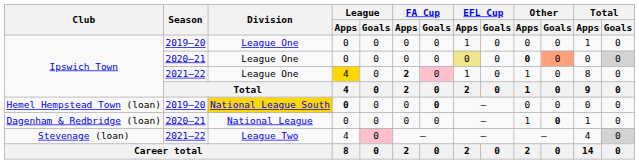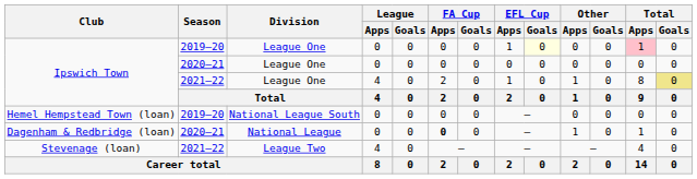 <table class="wikitable" style="text-align: center;">
 <tr>
 <th rowspan="2">Club</th>
 <th rowspan="2">Season</th>
 <th rowspan="2">Division</th>
 <th colspan="2">League</th>
 <th colspan="2"><a href='#'>FA Cup</a></th>
 <th colspan="2"><a href='#'>EFL Cup</a></th>
 <th colspan="2">Other</th>
 <th colspan="2">Total</th>
 </tr>
 <tr>
 <th>Apps</th>
 <th>Goals</th>
 <th>Apps</th>
 <th>Goals</th>
 <th>Apps</th>
 <th>Goals</th>
 <th>Apps</th>
 <th>Goals</th>
 <th>Apps</th>
 <th>Goals</th>
 </tr>
 <tr>
 <td rowspan="4"><a href='#'>Ipswich Town</a></td>
 <td><a href='#'>2019–20</a></td>
 <td><a href='#'>League One</a></td>
 <td>0</td>
 <td>0</td>
 <td>0</td>
 <td>0</td>
 <td>1</td>
+<td style="background: lightyellow;">0</td>
 <td>0</td>
 <td>0</td>
-<td>0</td>
-<td>1</td>
+<td style="background: pink;">1</td>
 <td>0</td>
 </tr>
 <tr>
 <td><a href='#'>2020–21</a></td>
 <td>League One</td>
 <td>0</td>
 <td>0</td>
 <td>0</td>
 <td>0</td>
-<td style="background: khaki;">0</td>
 <td>0</td>
-<td><strong>0</strong></td>
-<td style="background: lightsalmon;">0</td>
 <td>0</td>
-<td style="background: lightgrey;">0</td>
+<td>0</td>
+<td>0</td>
+<td>0</td>
+<td>0</td>
 </tr>
 <tr>
 <td><a href='#'>2021–22</a></td>
 <td>League One</td>
-<td style="background: gold;">4</td>
+<td>4</td>
 <td>0</td>
-<td><strong>2</strong></td>
-<td style="background: pink;">0</td>
+<td>2</td>
+<td>0</td>
 <td>1</td>
 <td>0</td>
 <td>1</td>
 <td>0</td>
 <td>8</td>
-<td>0</td>
+<td style="background: khaki;">0</td>
 </tr>
 <tr>
 <th colspan="2">Total</th>
 <th>4</th>
 <th>0</th>
 <th>2</th>
 <th>0</th>
 <th>2</th>
 <th>0</th>
 <th>1</th>
 <th>0</th>
 <th>9</th>
 <th>0</th>
 </tr>
 <tr>
 <td><a href='#'>Hemel Hempstead Town</a> (loan)</td>
 <td><a href='#'>2019–20</a></td>
-<td style="background: gold;"><a href='#'>National League South</a></td>
-<td><strong>0</strong></td>
+<td><a href='#'>National League South</a></td>
 <td>0</td>
 <td>0</td>
-<td><strong>0</strong></td>
+<td>0</td>
+<td>0</td>
 <td colspan="2">—</td>
 <td>0</td>
 <td>0</td>
 <td>0</td>
 <td>0</td>
 </tr>
 <tr>
 <td><a href='#'>Dagenham & Redbridge</a> (loan)</td>
 <td><a href='#'>2020–21</a></td>
 <td><a href='#'>National League</a></td>
 <td>0</td>
 <td>0</td>
-<td>0</td>
+<td><strong>0</strong></td>
 <td>0</td>
 <td colspan="2">—</td>
 <td>1</td>
-<td><strong>0</strong></td>
+<td>0</td>
 <td>1</td>
 <td>0</td>
 </tr>
 <tr>
 <td><a href='#'>Stevenage</a> (loan)</td>
 <td><a href='#'>2021–22</a></td>
 <td><a href='#'>League Two</a></td>
 <td>4</td>
-<td style="background: pink;">0</td>
+<td>0</td>
 <td colspan="2">—</td>
 <td colspan="2">—</td>
 <td colspan="2">—</td>
 <td>4</td>
-<td style="background: lightgrey;">0</td>
+<td>0</td>
 </tr>
 <tr>
 <th colspan=3>Career total</th>
 <th>8</th>
 <th>0</th>
 <th>2</th>
 <th>0</th>
 <th>2</th>
 <th>0</th>
 <th>2</th>
 <th>0</th>
 <th>14</th>
 <th>0</th>
 </tr>
 </table>
